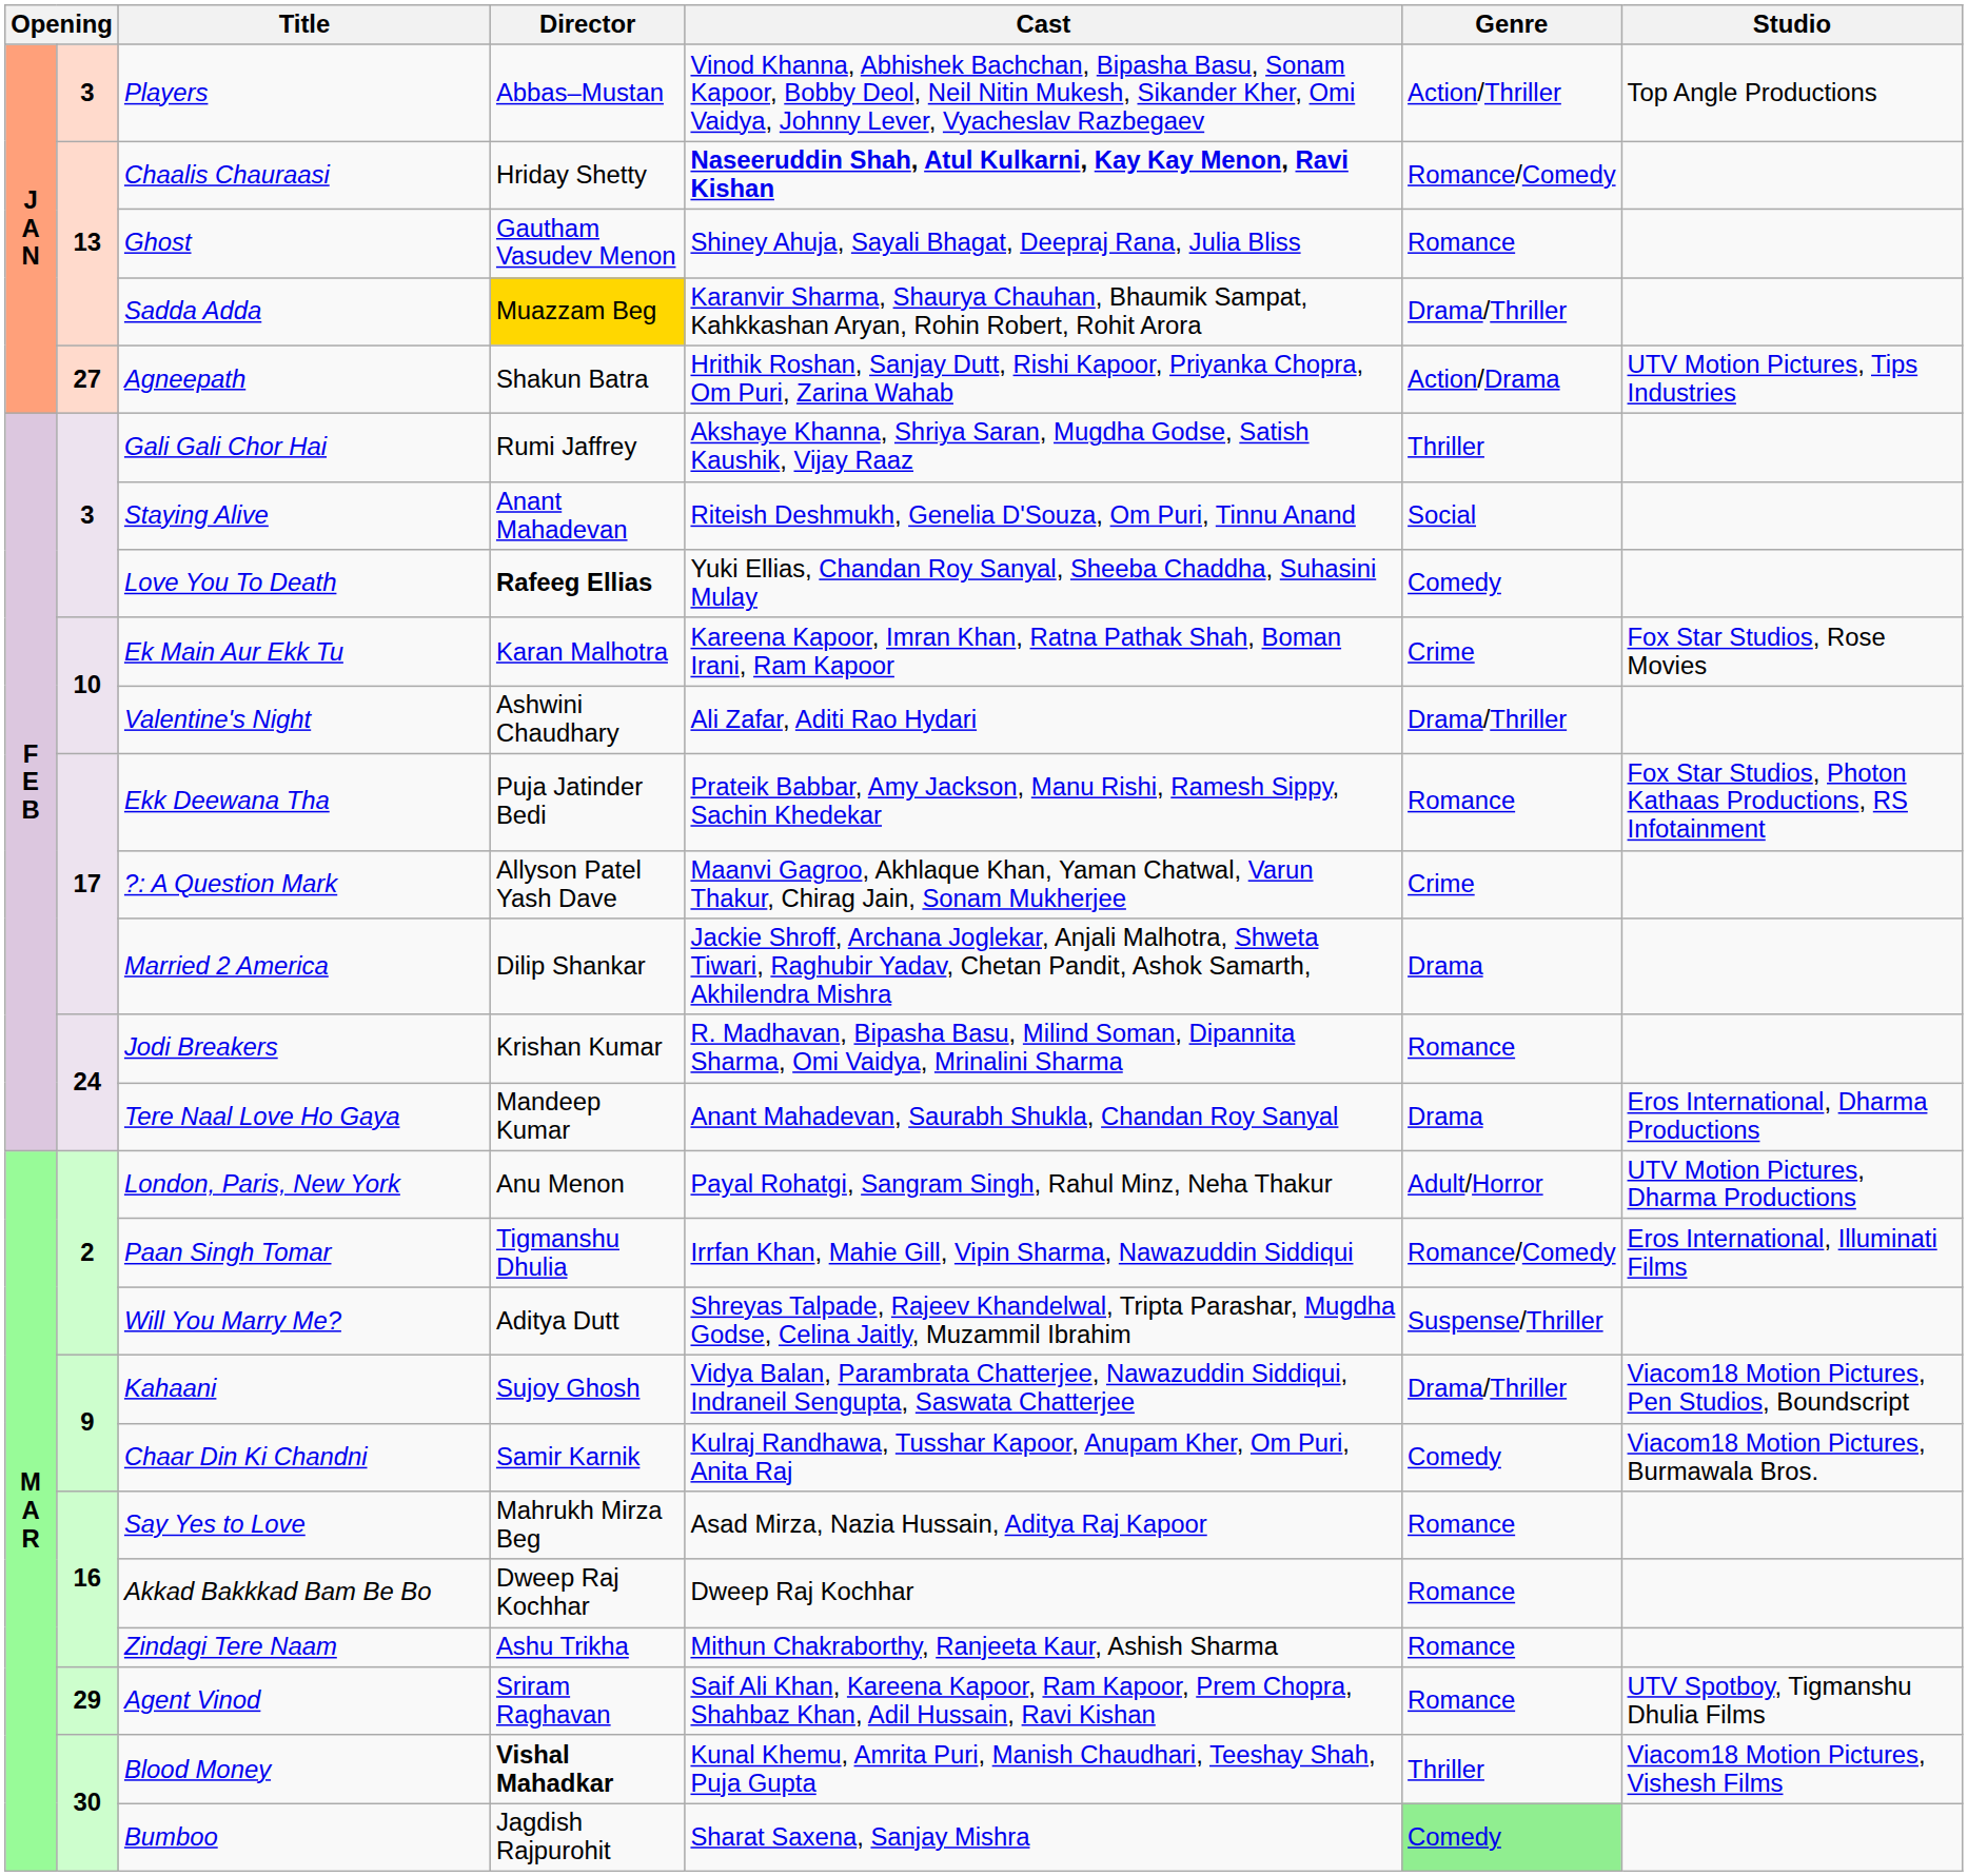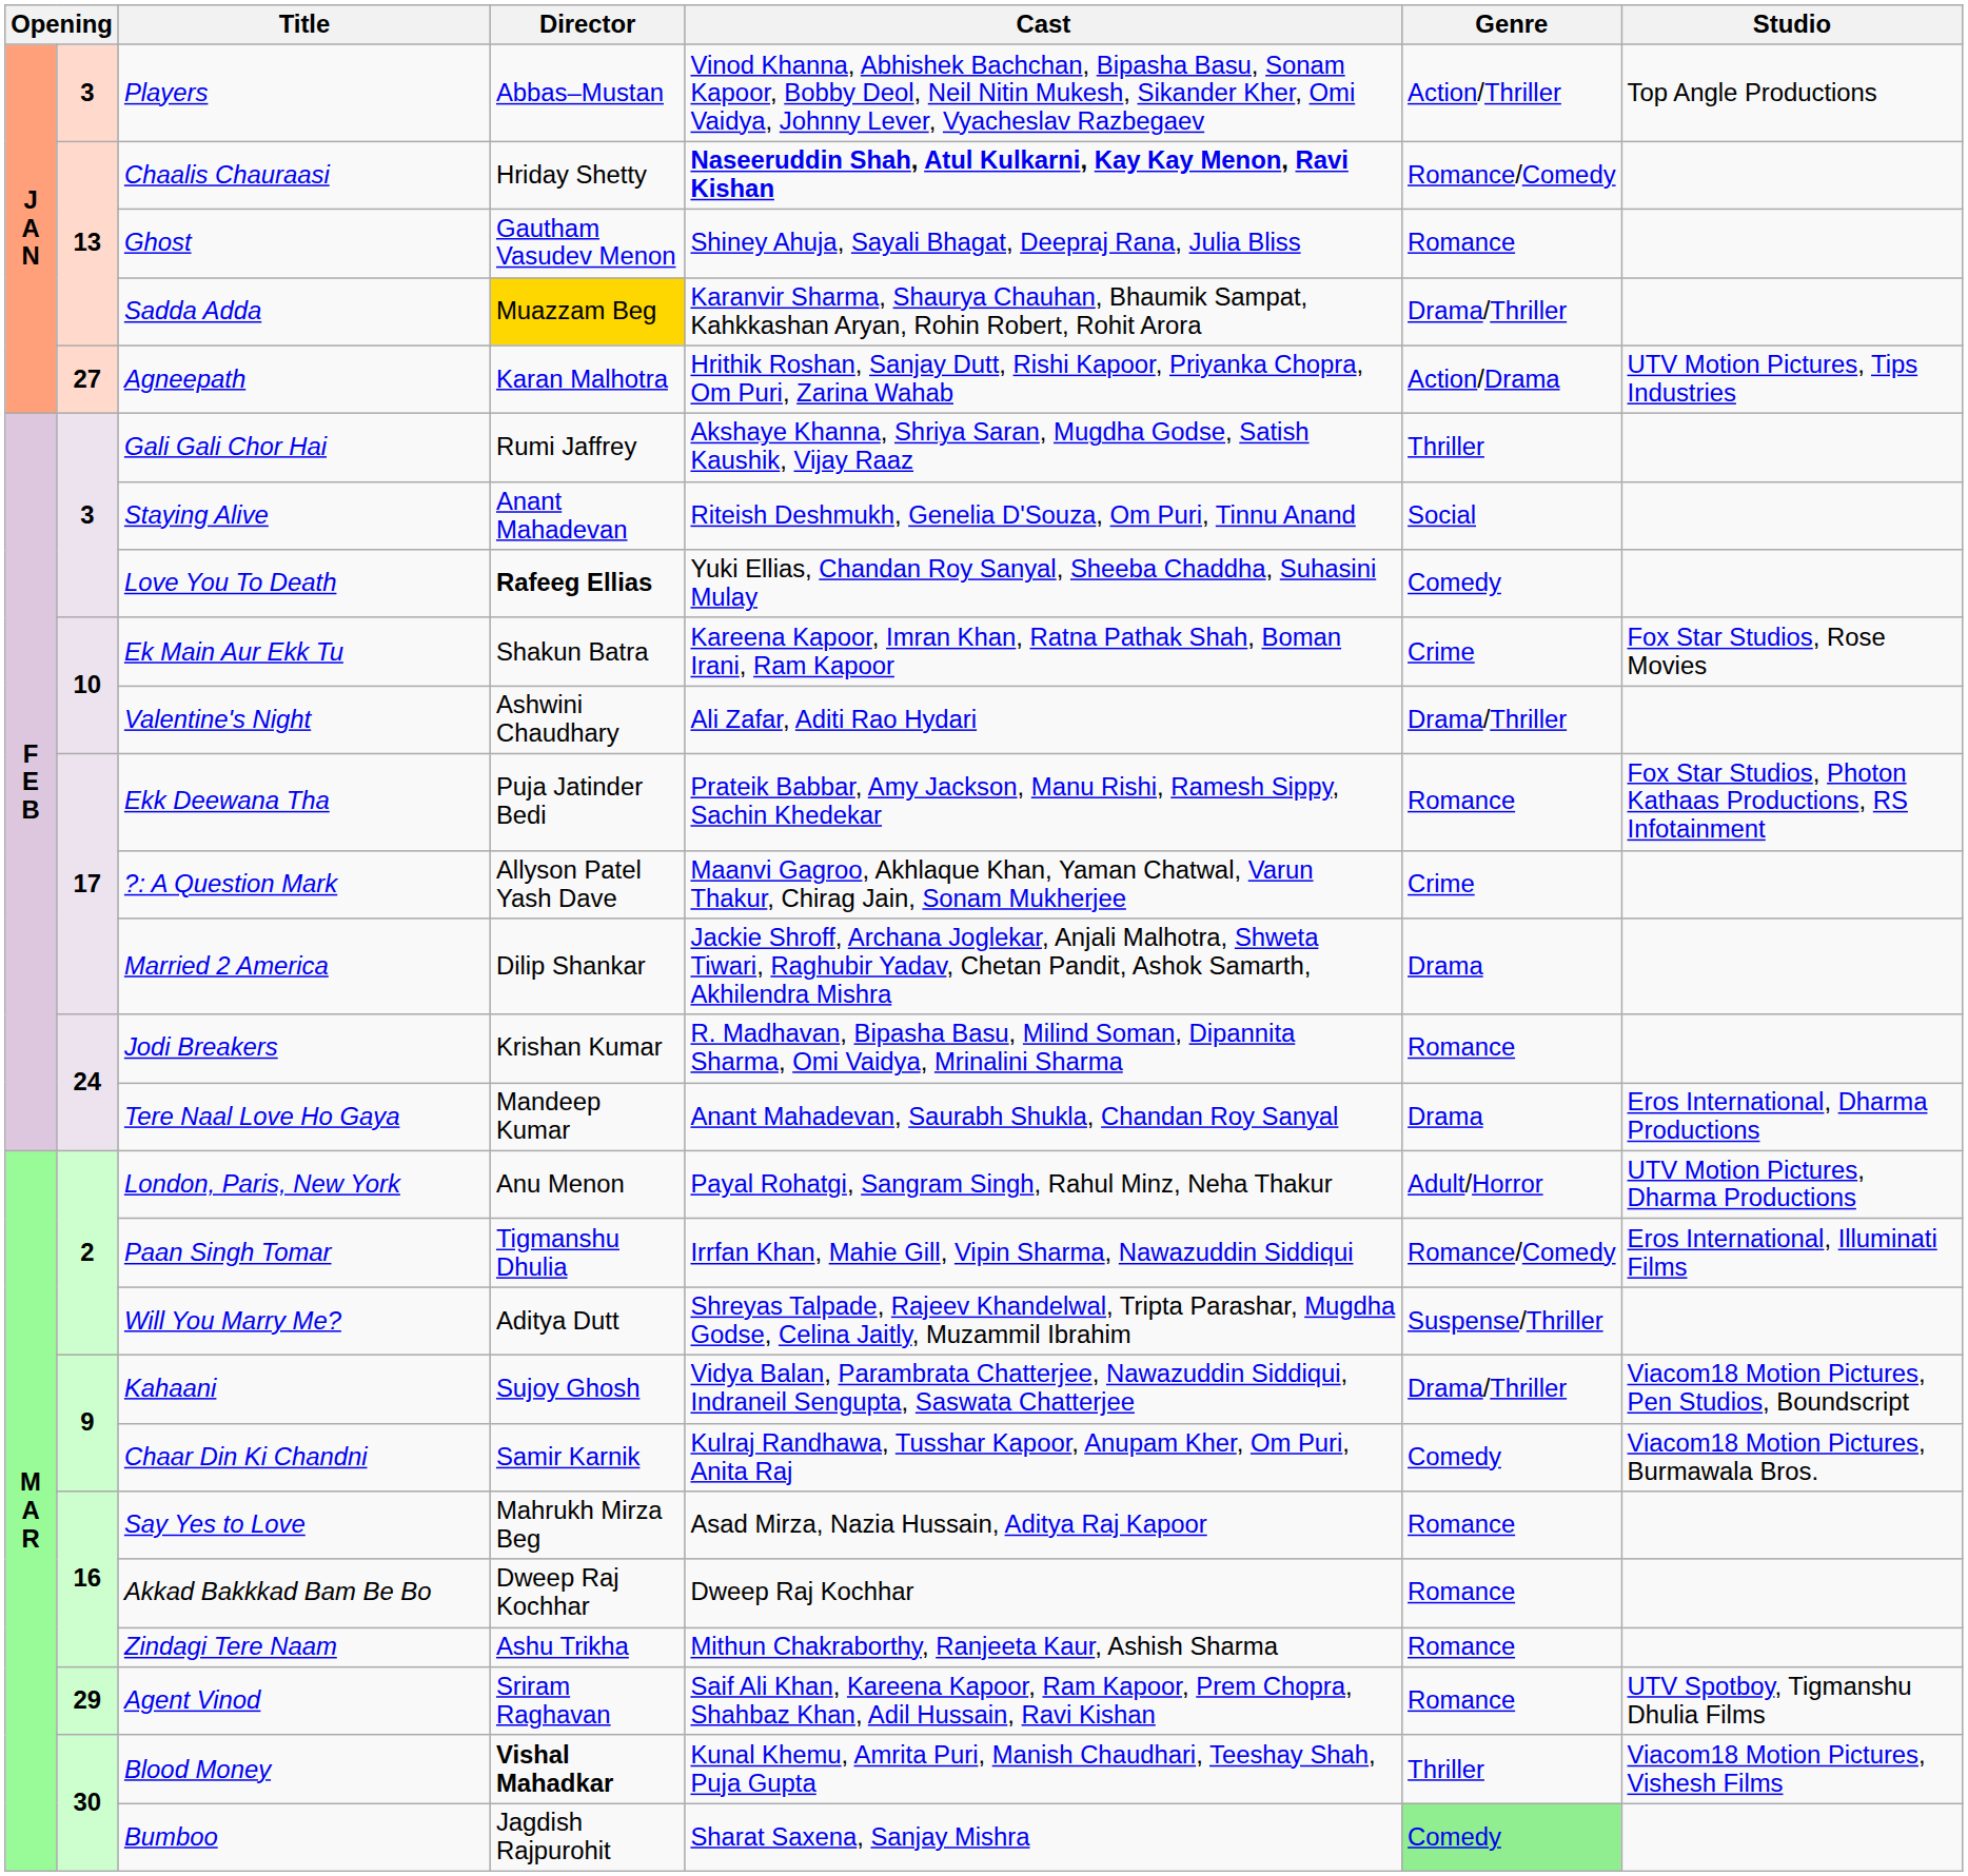 <table class="wikitable sortable">
 <tr style="background:#b0e0e66; text-align:center;">
 <th colspan="2">Opening</th>
 <th style="width:19%;">Title</th>
 <th>Director</th>
 <th>Cast</th>
 <th>Genre</th>
 <th>Studio</th>
 </tr>
 <tr>
 <td rowspan="5" style="text-align:center; background:#ffa07a; textcolor:#000;"><strong>J<br>A<br>N</strong></td>
 <td style="text-align:center; background:#ffdacc; textcolor:#000;"><strong>3</strong></td>
 <td><em><a href='#'>Players</a></em></td>
 <td><a href='#'>Abbas–Mustan</a></td>
 <td><a href='#'>Vinod Khanna</a>, <a href='#'>Abhishek Bachchan</a>, <a href='#'>Bipasha Basu</a>, <a href='#'>Sonam Kapoor</a>, <a href='#'>Bobby Deol</a>, <a href='#'>Neil Nitin Mukesh</a>, <a href='#'>Sikander Kher</a>, <a href='#'>Omi Vaidya</a>, <a href='#'>Johnny Lever</a>, <a href='#'>Vyacheslav Razbegaev</a></td>
 <td><a href='#'>Action</a>/<a href='#'>Thriller</a></td>
 <td>Top Angle Productions</td>
 </tr>
 <tr>
 <td rowspan="3" style="text-align:center; background:#ffdacc; textcolor:#000;"><strong>13</strong></td>
 <td><em><a href='#'>Chaalis Chauraasi</a></em></td>
 <td>Hriday Shetty</td>
 <td><strong><a href='#'>Naseeruddin Shah</a>, <a href='#'>Atul Kulkarni</a>, <a href='#'>Kay Kay Menon</a>, <a href='#'>Ravi Kishan</a></strong></td>
 <td><a href='#'>Romance</a>/<a href='#'>Comedy</a></td>
 <td></td>
 </tr>
 <tr>
 <td><em><a href='#'>Ghost</a></em></td>
 <td><a href='#'>Gautham Vasudev Menon</a></td>
 <td><a href='#'>Shiney Ahuja</a>, <a href='#'>Sayali Bhagat</a>, <a href='#'>Deepraj Rana</a>, <a href='#'>Julia Bliss</a></td>
 <td><a href='#'>Romance</a></td>
 <td></td>
 </tr>
 <tr>
 <td><em><a href='#'>Sadda Adda</a></em></td>
 <td style="background: gold;">Muazzam Beg</td>
 <td><a href='#'>Karanvir Sharma</a>, <a href='#'>Shaurya Chauhan</a>, Bhaumik Sampat, Kahkkashan Aryan, Rohin Robert, Rohit Arora</td>
 <td><a href='#'>Drama</a>/<a href='#'>Thriller</a></td>
 <td></td>
 </tr>
 <tr>
 <td style="text-align:center; background:#ffdacc; textcolor:#000;"><strong>27</strong></td>
 <td><em><a href='#'>Agneepath</a></em></td>
-<td>Shakun Batra</td>
+<td><a href='#'>Karan Malhotra</a></td>
 <td><a href='#'>Hrithik Roshan</a>, <a href='#'>Sanjay Dutt</a>, <a href='#'>Rishi Kapoor</a>, <a href='#'>Priyanka Chopra</a>, <a href='#'>Om Puri</a>, <a href='#'>Zarina Wahab</a></td>
 <td><a href='#'>Action</a>/<a href='#'>Drama</a></td>
 <td><a href='#'>UTV Motion Pictures</a>, <a href='#'>Tips Industries</a></td>
 </tr>
 <tr>
 <td rowspan="10" style="text-align:center; background:#dcc7df; textcolor:#000;"><strong>F<br>E<br>B</strong></td>
 <td rowspan="3" style="text-align:center; background:#ede3ef; textcolor:#000;"><strong>3</strong></td>
 <td><em><a href='#'>Gali Gali Chor Hai</a></em></td>
 <td>Rumi Jaffrey</td>
 <td><a href='#'>Akshaye Khanna</a>, <a href='#'>Shriya Saran</a>, <a href='#'>Mugdha Godse</a>, <a href='#'>Satish Kaushik</a>, <a href='#'>Vijay Raaz</a></td>
 <td><a href='#'>Thriller</a></td>
 <td></td>
 </tr>
 <tr>
 <td><em><a href='#'>Staying Alive</a></em></td>
 <td><a href='#'>Anant Mahadevan</a></td>
 <td><a href='#'>Riteish Deshmukh</a>, <a href='#'>Genelia D'Souza</a>, <a href='#'>Om Puri</a>, <a href='#'>Tinnu Anand</a></td>
 <td><a href='#'>Social</a></td>
 <td></td>
 </tr>
 <tr>
 <td><em><a href='#'>Love You To Death</a></em></td>
 <td><strong>Rafeeg Ellias</strong></td>
 <td>Yuki Ellias, <a href='#'>Chandan Roy Sanyal</a>, <a href='#'>Sheeba Chaddha</a>, <a href='#'>Suhasini Mulay</a></td>
 <td><a href='#'>Comedy</a></td>
 <td></td>
 </tr>
 <tr>
 <td rowspan="2" style="text-align:center; background:#ede3ef; textcolor:#000;"><strong>10</strong></td>
 <td><em><a href='#'>Ek Main Aur Ekk Tu</a></em></td>
-<td><a href='#'>Karan Malhotra</a></td>
+<td>Shakun Batra</td>
 <td><a href='#'>Kareena Kapoor</a>, <a href='#'>Imran Khan</a>, <a href='#'>Ratna Pathak Shah</a>, <a href='#'>Boman Irani</a>, <a href='#'>Ram Kapoor</a></td>
 <td><a href='#'>Crime</a></td>
 <td><a href='#'>Fox Star Studios</a>, Rose Movies</td>
 </tr>
 <tr>
 <td><em><a href='#'>Valentine's Night</a></em></td>
 <td>Ashwini Chaudhary</td>
 <td><a href='#'>Ali Zafar</a>, <a href='#'>Aditi Rao Hydari</a></td>
 <td><a href='#'>Drama</a>/<a href='#'>Thriller</a></td>
 <td></td>
 </tr>
 <tr>
 <td rowspan="3" style="text-align:center; background:#ede3ef; textcolor:#000;"><strong>17</strong></td>
 <td><em><a href='#'>Ekk Deewana Tha</a></em></td>
 <td>Puja Jatinder Bedi</td>
 <td><a href='#'>Prateik Babbar</a>, <a href='#'>Amy Jackson</a>, <a href='#'>Manu Rishi</a>, <a href='#'>Ramesh Sippy</a>, <a href='#'>Sachin Khedekar</a></td>
 <td><a href='#'>Romance</a></td>
 <td><a href='#'>Fox Star Studios</a>, <a href='#'>Photon Kathaas Productions</a>, <a href='#'>RS Infotainment</a></td>
 </tr>
 <tr>
 <td><em><a href='#'>?: A Question Mark</a></em></td>
 <td>Allyson Patel<br>Yash Dave</td>
 <td><a href='#'>Maanvi Gagroo</a>, Akhlaque Khan, Yaman Chatwal, <a href='#'>Varun Thakur</a>, Chirag Jain, <a href='#'>Sonam Mukherjee</a></td>
 <td><a href='#'>Crime</a></td>
 <td></td>
 </tr>
 <tr>
 <td><em><a href='#'>Married 2 America</a></em></td>
 <td>Dilip Shankar</td>
 <td><a href='#'>Jackie Shroff</a>, <a href='#'>Archana Joglekar</a>, Anjali Malhotra, <a href='#'>Shweta Tiwari</a>, <a href='#'>Raghubir Yadav</a>, Chetan Pandit, Ashok Samarth, <a href='#'>Akhilendra Mishra</a></td>
 <td><a href='#'>Drama</a></td>
 <td></td>
 </tr>
 <tr>
 <td rowspan="2" style="text-align:center; background:#ede3ef; textcolor:#000;"><strong>24</strong></td>
 <td><em><a href='#'>Jodi Breakers</a></em></td>
 <td>Krishan Kumar</td>
 <td><a href='#'>R. Madhavan</a>, <a href='#'>Bipasha Basu</a>, <a href='#'>Milind Soman</a>, <a href='#'>Dipannita Sharma</a>, <a href='#'>Omi Vaidya</a>, <a href='#'>Mrinalini Sharma</a></td>
 <td><a href='#'>Romance</a></td>
 <td></td>
 </tr>
 <tr>
 <td><em><a href='#'>Tere Naal Love Ho Gaya</a></em></td>
 <td>Mandeep Kumar</td>
 <td><a href='#'>Anant Mahadevan</a>, <a href='#'>Saurabh Shukla</a>, <a href='#'>Chandan Roy Sanyal</a></td>
 <td><a href='#'>Drama</a></td>
 <td><a href='#'>Eros International</a>, <a href='#'>Dharma Productions</a></td>
 </tr>
 <tr>
 <td rowspan="11" style="text-align:center; background:#98fb98; textcolor:#000;"><strong>M<br>A<br>R</strong></td>
 <td rowspan="3" style="text-align:center; background:#cdfecd; textcolor:#000;"><strong>2</strong></td>
 <td><em><a href='#'>London, Paris, New York</a></em></td>
 <td>Anu Menon</td>
 <td><a href='#'>Payal Rohatgi</a>, <a href='#'>Sangram Singh</a>, Rahul Minz, Neha Thakur</td>
 <td><a href='#'>Adult</a>/<a href='#'>Horror</a></td>
 <td><a href='#'>UTV Motion Pictures</a>, <a href='#'>Dharma Productions</a></td>
 </tr>
 <tr>
 <td><em><a href='#'>Paan Singh Tomar</a></em></td>
 <td><a href='#'>Tigmanshu Dhulia</a></td>
 <td><a href='#'>Irrfan Khan</a>, <a href='#'>Mahie Gill</a>, <a href='#'>Vipin Sharma</a>, <a href='#'>Nawazuddin Siddiqui</a></td>
 <td><a href='#'>Romance</a>/<a href='#'>Comedy</a></td>
 <td><a href='#'>Eros International</a>, <a href='#'>Illuminati Films</a></td>
 </tr>
 <tr>
 <td><em><a href='#'>Will You Marry Me?</a></em></td>
 <td>Aditya Dutt</td>
 <td><a href='#'>Shreyas Talpade</a>, <a href='#'>Rajeev Khandelwal</a>, Tripta Parashar, <a href='#'>Mugdha Godse</a>, <a href='#'>Celina Jaitly</a>, Muzammil Ibrahim</td>
 <td><a href='#'>Suspense</a>/<a href='#'>Thriller</a></td>
 <td></td>
 </tr>
 <tr>
 <td rowspan="2" style="text-align:center; background:#cdfecd; textcolor:#000;"><strong>9</strong></td>
 <td><em><a href='#'>Kahaani</a></em></td>
 <td><a href='#'>Sujoy Ghosh</a></td>
 <td><a href='#'>Vidya Balan</a>, <a href='#'>Parambrata Chatterjee</a>, <a href='#'>Nawazuddin Siddiqui</a>, <a href='#'>Indraneil Sengupta</a>, <a href='#'>Saswata Chatterjee</a></td>
 <td><a href='#'>Drama</a>/<a href='#'>Thriller</a></td>
 <td><a href='#'>Viacom18 Motion Pictures</a>, <a href='#'>Pen Studios</a>, Boundscript</td>
 </tr>
 <tr>
 <td><em><a href='#'>Chaar Din Ki Chandni</a></em></td>
 <td><a href='#'>Samir Karnik</a></td>
 <td><a href='#'>Kulraj Randhawa</a>, <a href='#'>Tusshar Kapoor</a>, <a href='#'>Anupam Kher</a>, <a href='#'>Om Puri</a>, <a href='#'>Anita Raj</a></td>
 <td><a href='#'>Comedy</a></td>
 <td><a href='#'>Viacom18 Motion Pictures</a>, Burmawala Bros.</td>
 </tr>
 <tr>
 <td rowspan="3" style="text-align:center; background:#cdfecd; textcolor:#000;"><strong>16</strong></td>
 <td><em><a href='#'>Say Yes to Love</a></em></td>
 <td>Mahrukh Mirza Beg</td>
 <td>Asad Mirza, Nazia Hussain, <a href='#'>Aditya Raj Kapoor</a></td>
 <td><a href='#'>Romance</a></td>
 <td></td>
 </tr>
 <tr>
 <td><em>Akkad Bakkkad Bam Be Bo</em></td>
 <td>Dweep Raj Kochhar</td>
 <td>Dweep Raj Kochhar</td>
 <td><a href='#'>Romance</a></td>
 <td></td>
 </tr>
 <tr>
 <td><em><a href='#'>Zindagi Tere Naam</a></em></td>
 <td><a href='#'>Ashu Trikha</a></td>
 <td><a href='#'>Mithun Chakraborthy</a>, <a href='#'>Ranjeeta Kaur</a>, Ashish Sharma</td>
 <td><a href='#'>Romance</a></td>
 <td></td>
 </tr>
 <tr>
 <td style="text-align:center; background:#cdfecd; textcolor:#000;"><strong>29</strong></td>
 <td><em><a href='#'>Agent Vinod</a></em></td>
 <td><a href='#'>Sriram Raghavan</a></td>
 <td><a href='#'>Saif Ali Khan</a>, <a href='#'>Kareena Kapoor</a>, <a href='#'>Ram Kapoor</a>, <a href='#'>Prem Chopra</a>, <a href='#'>Shahbaz Khan</a>, <a href='#'>Adil Hussain</a>, <a href='#'>Ravi Kishan</a></td>
 <td><a href='#'>Romance</a></td>
 <td><a href='#'>UTV Spotboy</a>, Tigmanshu Dhulia Films</td>
 </tr>
 <tr>
 <td rowspan="2" style="text-align:center; background:#cdfecd; textcolor:#000;"><strong>30</strong></td>
 <td><em><a href='#'>Blood Money</a></em></td>
 <td><strong>Vishal Mahadkar</strong></td>
 <td><a href='#'>Kunal Khemu</a>, <a href='#'>Amrita Puri</a>, <a href='#'>Manish Chaudhari</a>, <a href='#'>Teeshay Shah</a>, <a href='#'>Puja Gupta</a></td>
 <td><a href='#'>Thriller</a></td>
 <td><a href='#'>Viacom18 Motion Pictures</a>, <a href='#'>Vishesh Films</a></td>
 </tr>
 <tr>
 <td><em><a href='#'>Bumboo</a></em></td>
 <td>Jagdish Rajpurohit</td>
 <td><a href='#'>Sharat Saxena</a>, <a href='#'>Sanjay Mishra</a></td>
 <td style="background: lightgreen;"><a href='#'>Comedy</a></td>
 <td></td>
 </tr>
 </table>
